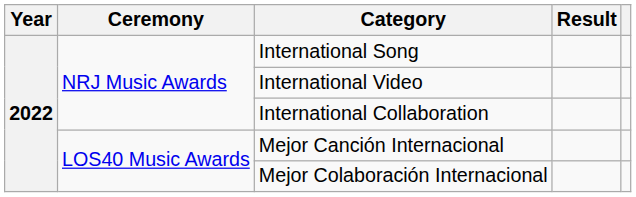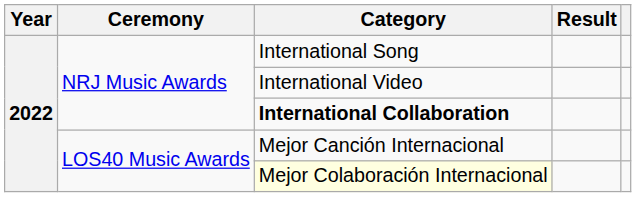 <table class="wikitable plainrowheaders">
 <tr>
 <th scope="col">Year</th>
 <th scope="col">Ceremony</th>
 <th scope="col">Category</th>
 <th scope="col">Result</th>
 <th scope="col"></th>
 </tr>
 <tr>
 <th rowspan="5">2022</th>
 <td rowspan="3"><a href='#'>NRJ Music Awards</a></td>
 <td>International Song</td>
 <td></td>
 <td style="text-align:center;"></td>
 </tr>
 <tr>
 <td>International Video</td>
 <td></td>
 <td style="text-align:center;"></td>
 </tr>
 <tr>
-<td>International Collaboration</td>
+<td><strong>International Collaboration</strong></td>
 <td></td>
 <td style="text-align:center;"></td>
 </tr>
 <tr>
 <td rowspan="2"><a href='#'>LOS40 Music Awards</a></td>
 <td>Mejor Canción Internacional</td>
 <td></td>
 <td style="text-align:center;"></td>
 </tr>
 <tr>
-<td>Mejor Colaboración Internacional</td>
+<td style="background: lightyellow;">Mejor Colaboración Internacional</td>
 <td></td>
 <td style="text-align:center;"></td>
 </tr>
 </table>
